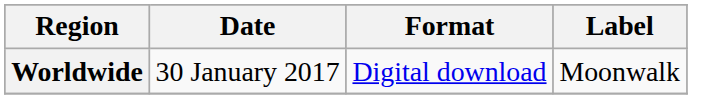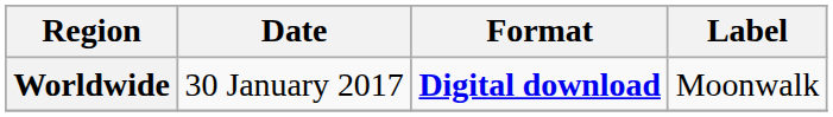 <table class="wikitable sortable plainrowheaders" style="text-align:center">
 <tr>
 <th>Region</th>
 <th>Date</th>
 <th>Format</th>
 <th>Label</th>
 </tr>
 <tr>
 <th scope="row">Worldwide</th>
 <td>30 January 2017</td>
-<td><a href='#'>Digital download</a></td>
+<td><strong><a href='#'>Digital download</a></strong></td>
 <td>Moonwalk</td>
 </tr>
 <tr>
 </tr>
 </table>
